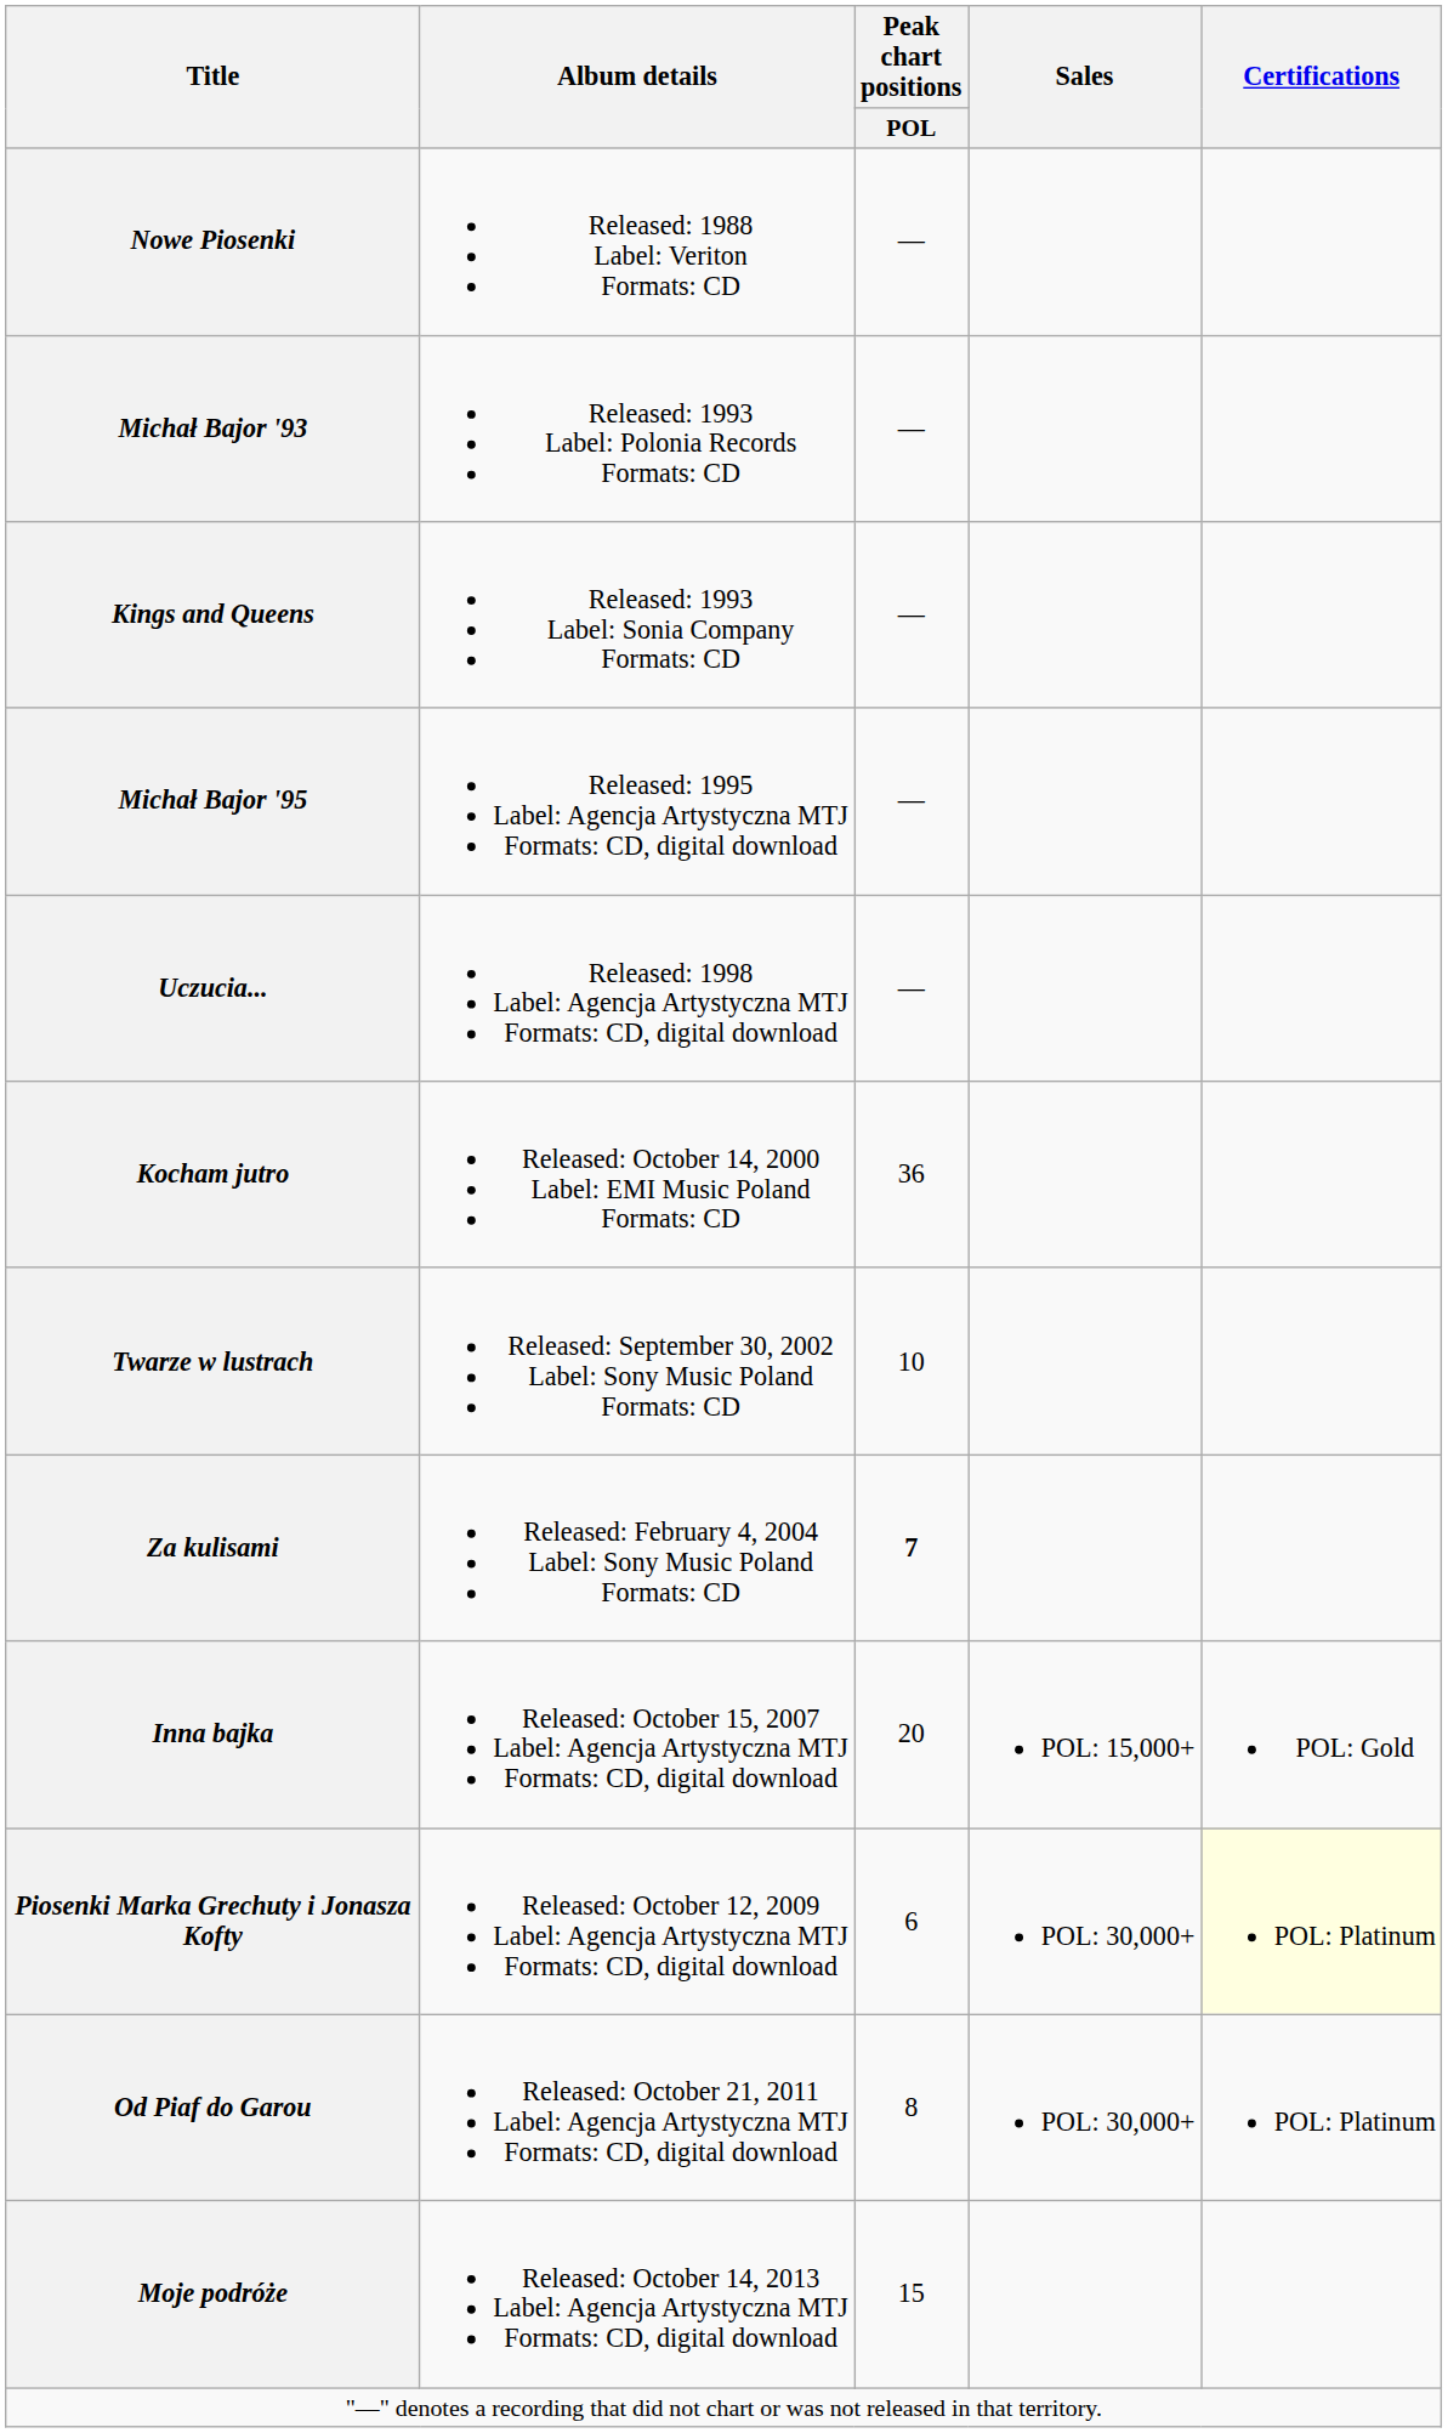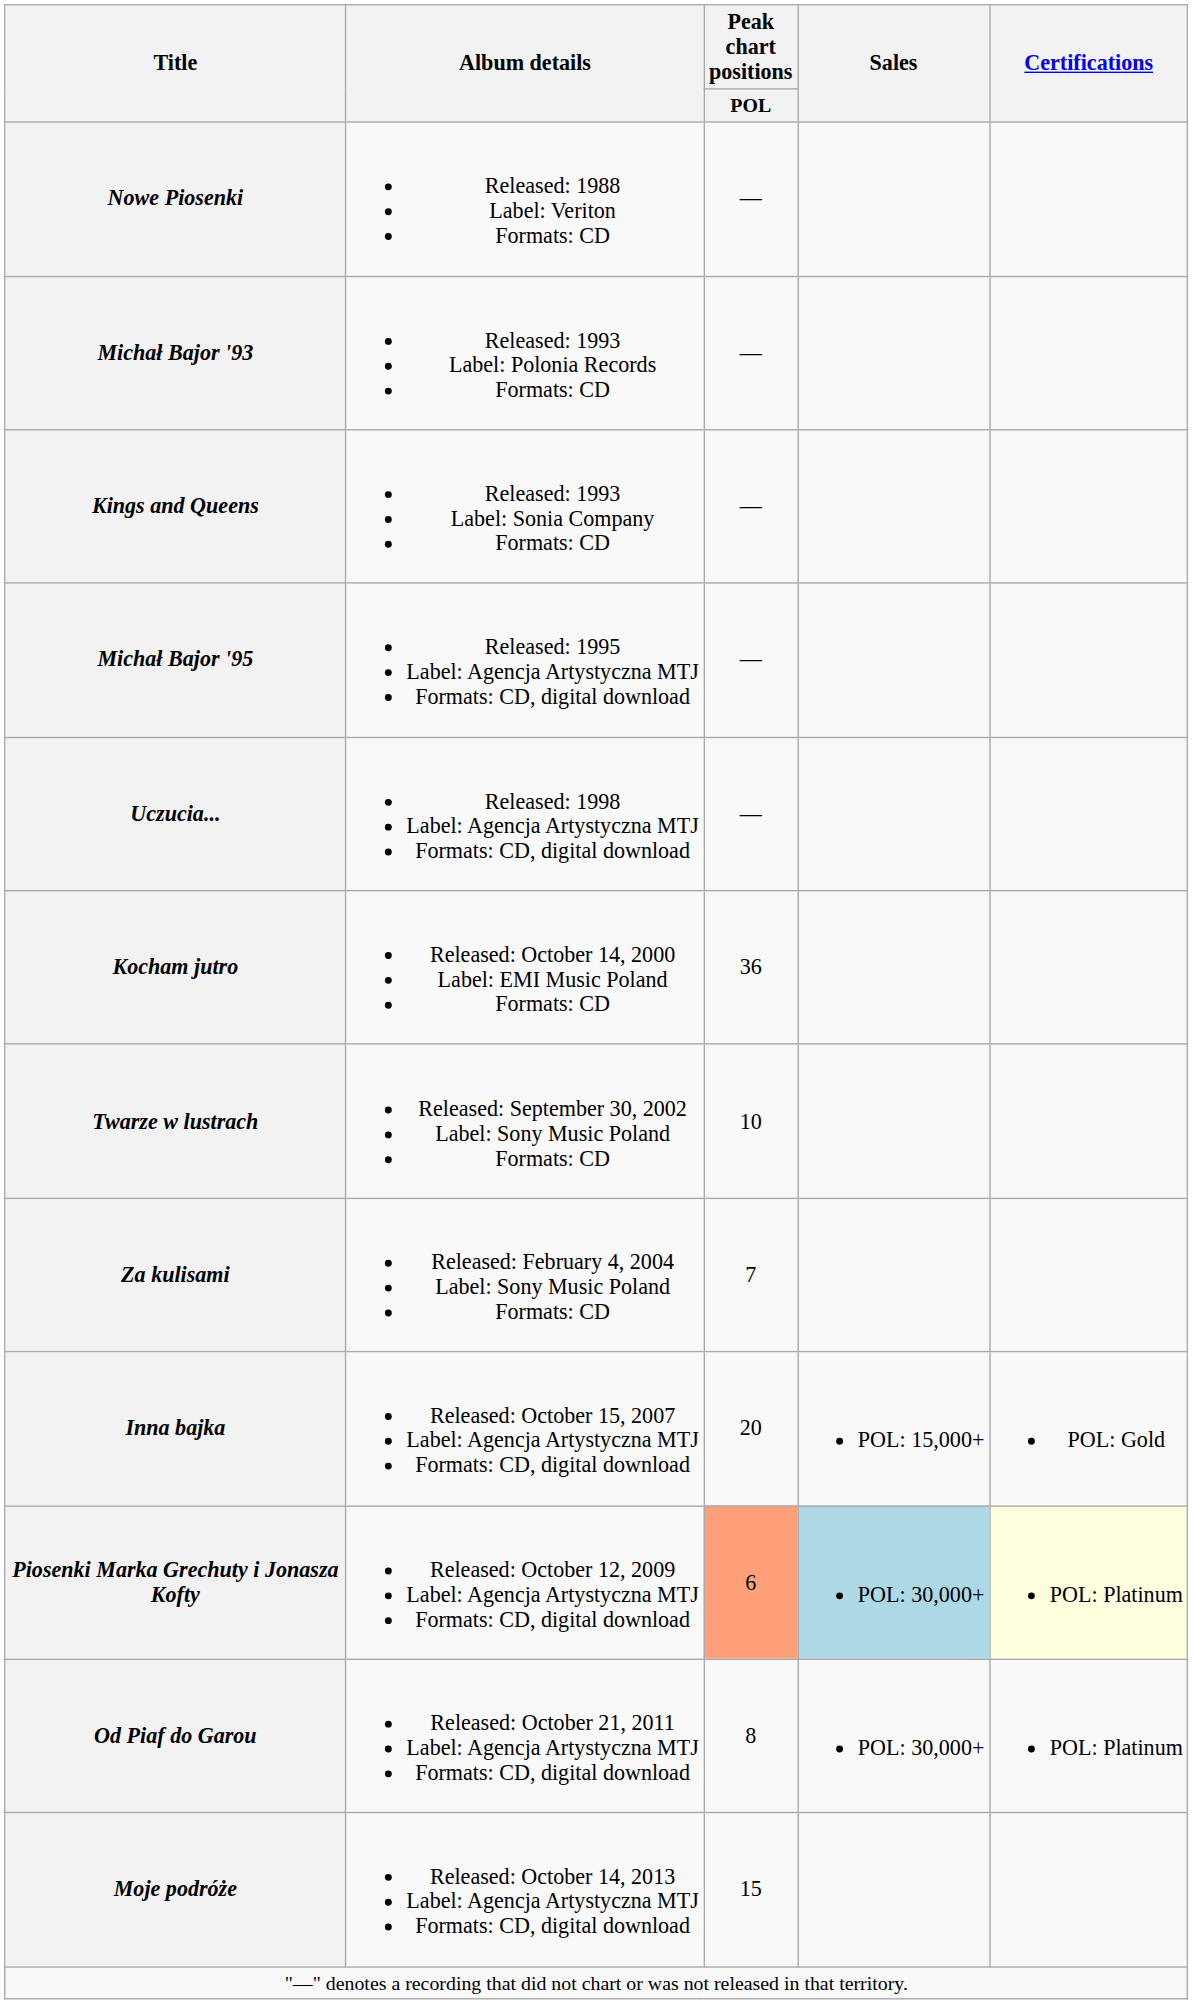 <table class="wikitable plainrowheaders" style="text-align:center;">
 <tr>
 <th scope="col" rowspan="2" style="width:15em;">Title</th>
 <th scope="col" rowspan="2">Album details</th>
 <th scope="col" colspan="1">Peak chart positions</th>
 <th scope="col" rowspan="2">Sales</th>
 <th scope="col" rowspan="2"><a href='#'>Certifications</a></th>
 </tr>
 <tr>
 <th scope="col" style="width:3em;font-size:90%;">POL<br></th>
 </tr>
 <tr>
 <th scope="row"><em>Nowe Piosenki</em></th>
 <td><br><ul><li>Released: 1988</li><li>Label: Veriton</li><li>Formats: CD</li></ul></td>
 <td>—</td>
 <td></td>
 <td></td>
 </tr>
 <tr>
 <th scope="row"><em>Michał Bajor '93</em></th>
 <td><br><ul><li>Released: 1993</li><li>Label: Polonia Records</li><li>Formats: CD</li></ul></td>
 <td>—</td>
 <td></td>
 <td></td>
 </tr>
 <tr>
 <th scope="row"><em>Kings and Queens</em></th>
 <td><br><ul><li>Released: 1993</li><li>Label: Sonia Company</li><li>Formats: CD</li></ul></td>
 <td>—</td>
 <td></td>
 <td></td>
 </tr>
 <tr>
 <th scope="row"><em>Michał Bajor '95</em></th>
 <td><br><ul><li>Released: 1995</li><li>Label: Agencja Artystyczna MTJ</li><li>Formats: CD, digital download</li></ul></td>
 <td>—</td>
 <td></td>
 <td></td>
 </tr>
 <tr>
 <th scope="row"><em>Uczucia...</em></th>
 <td><br><ul><li>Released: 1998</li><li>Label: Agencja Artystyczna MTJ</li><li>Formats: CD, digital download</li></ul></td>
 <td>—</td>
 <td></td>
 <td></td>
 </tr>
 <tr>
 <th scope="row"><em>Kocham jutro</em></th>
 <td><br><ul><li>Released: October 14, 2000</li><li>Label: EMI Music Poland</li><li>Formats: CD</li></ul></td>
 <td>36</td>
 <td></td>
 <td></td>
 </tr>
 <tr>
 <th scope="row"><em>Twarze w lustrach</em></th>
 <td><br><ul><li>Released: September 30, 2002</li><li>Label: Sony Music Poland</li><li>Formats: CD</li></ul></td>
 <td>10</td>
 <td></td>
 <td></td>
 </tr>
 <tr>
 <th scope="row"><em>Za kulisami</em></th>
 <td><br><ul><li>Released: February 4, 2004</li><li>Label: Sony Music Poland</li><li>Formats: CD</li></ul></td>
-<td><strong>7</strong></td>
+<td>7</td>
 <td></td>
 <td></td>
 </tr>
 <tr>
 <th scope="row"><em>Inna bajka</em></th>
 <td><br><ul><li>Released: October 15, 2007</li><li>Label: Agencja Artystyczna MTJ</li><li>Formats: CD, digital download</li></ul></td>
 <td>20</td>
 <td><br><ul><li>POL: 15,000+</li></ul></td>
 <td><br><ul><li>POL: Gold</li></ul></td>
 </tr>
 <tr>
 <th scope="row"><em>Piosenki Marka Grechuty i Jonasza Kofty</em></th>
 <td><br><ul><li>Released: October 12, 2009</li><li>Label: Agencja Artystyczna MTJ</li><li>Formats: CD, digital download</li></ul></td>
-<td>6</td>
-<td><br><ul><li>POL: 30,000+</li></ul></td>
+<td style="background: lightsalmon;">6</td>
+<td style="background: lightblue;"><br><ul><li>POL: 30,000+</li></ul></td>
 <td style="background: lightyellow;"><br><ul><li>POL: Platinum</li></ul></td>
 </tr>
 <tr>
 <th scope="row"><em>Od Piaf do Garou</em></th>
 <td><br><ul><li>Released: October 21, 2011</li><li>Label: Agencja Artystyczna MTJ</li><li>Formats: CD, digital download</li></ul></td>
 <td>8</td>
 <td><br><ul><li>POL: 30,000+</li></ul></td>
 <td><br><ul><li>POL: Platinum</li></ul></td>
 </tr>
 <tr>
 <th scope="row"><em>Moje podróże</em></th>
 <td><br><ul><li>Released: October 14, 2013</li><li>Label: Agencja Artystyczna MTJ</li><li>Formats: CD, digital download</li></ul></td>
 <td>15</td>
 <td></td>
 <td></td>
 </tr>
 <tr>
 <td colspan="20" style="font-size:90%">"—" denotes a recording that did not chart or was not released in that territory.</td>
 </tr>
 </table>
